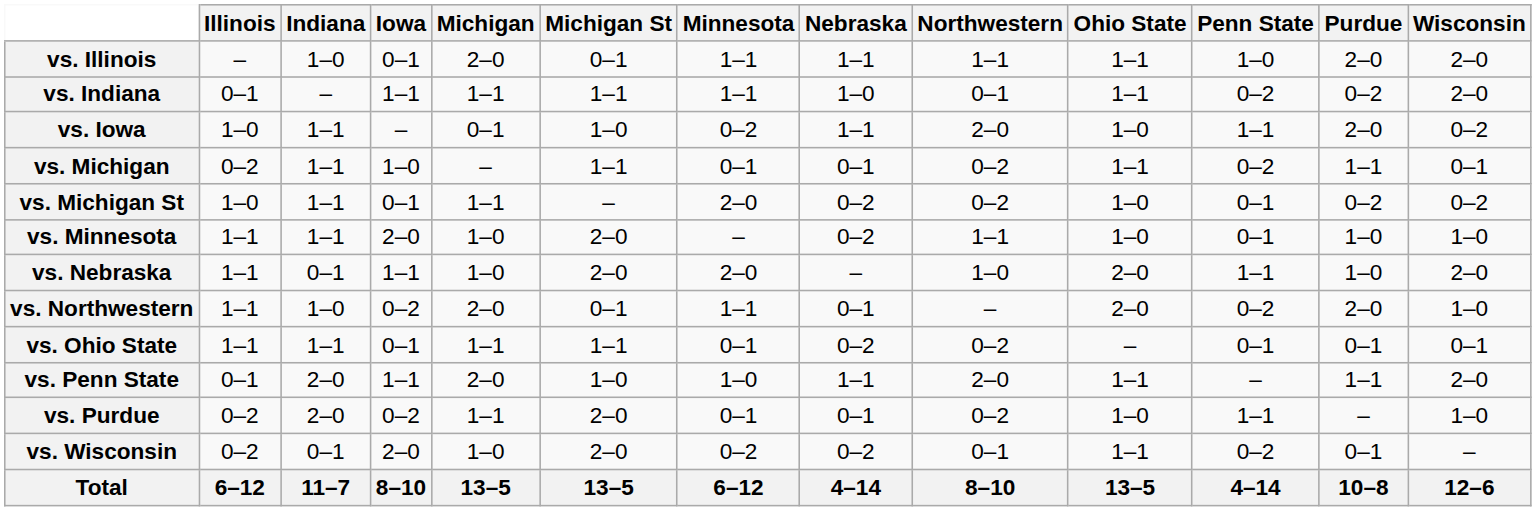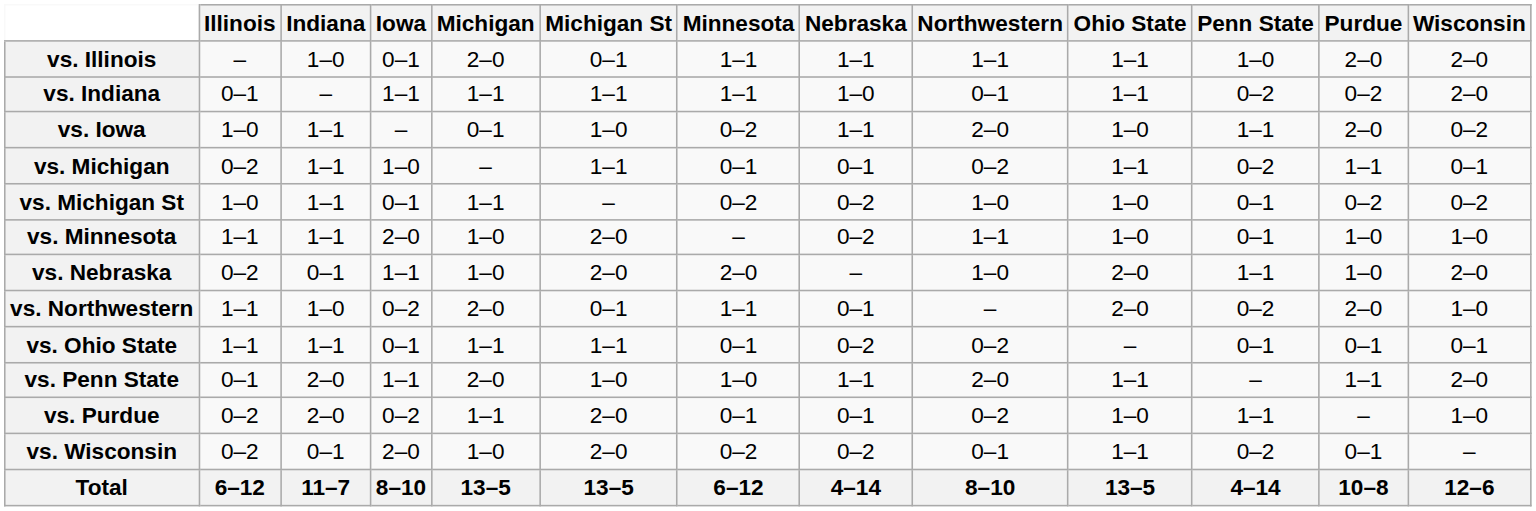 <table class="wikitable" style="white-space:nowrap;font-size:90%;">
 <tr>
 <th colspan=1 style="background:white; border-top-style:hidden; border-left-style:hidden;"   width=75></th>
 <th style="background:#">Illinois</th>
 <th style=>Indiana</th>
 <th style=>Iowa</th>
 <th style=>Michigan</th>
 <th style=>Michigan St</th>
 <th style=>Minnesota</th>
 <th style=>Nebraska</th>
 <th style=>Northwestern</th>
 <th style=>Ohio State</th>
 <th style=>Penn State</th>
 <th style=>Purdue</th>
 <th style=>Wisconsin</th>
 </tr>
 <tr style="text-align:center;">
 <th>vs. Illinois</th>
 <td>–</td>
 <td>1–0</td>
 <td>0–1</td>
 <td>2–0</td>
 <td>0–1</td>
 <td>1–1</td>
 <td>1–1</td>
 <td>1–1</td>
 <td>1–1</td>
 <td>1–0</td>
 <td>2–0</td>
 <td>2–0</td>
 </tr>
 <tr style="text-align:center;">
 <th>vs. Indiana</th>
 <td>0–1</td>
 <td>–</td>
 <td>1–1</td>
 <td>1–1</td>
 <td>1–1</td>
 <td>1–1</td>
 <td>1–0</td>
 <td>0–1</td>
 <td>1–1</td>
 <td>0–2</td>
 <td>0–2</td>
 <td>2–0</td>
 </tr>
 <tr style="text-align:center;">
 <th>vs. Iowa</th>
 <td>1–0</td>
 <td>1–1</td>
 <td>–</td>
 <td>0–1</td>
 <td>1–0</td>
 <td>0–2</td>
 <td>1–1</td>
 <td>2–0</td>
 <td>1–0</td>
 <td>1–1</td>
 <td>2–0</td>
 <td>0–2</td>
 </tr>
 <tr style="text-align:center;">
 <th>vs. Michigan</th>
 <td>0–2</td>
 <td>1–1</td>
 <td>1–0</td>
 <td>–</td>
 <td>1–1</td>
 <td>0–1</td>
 <td>0–1</td>
 <td>0–2</td>
 <td>1–1</td>
 <td>0–2</td>
 <td>1–1</td>
 <td>0–1</td>
 </tr>
 <tr style="text-align:center;">
 <th>vs. Michigan St</th>
 <td>1–0</td>
 <td>1–1</td>
 <td>0–1</td>
 <td>1–1</td>
 <td>–</td>
-<td>2–0</td>
 <td>0–2</td>
 <td>0–2</td>
+<td>1–0</td>
 <td>1–0</td>
 <td>0–1</td>
 <td>0–2</td>
 <td>0–2</td>
 </tr>
 <tr style="text-align:center;">
 <th>vs. Minnesota</th>
 <td>1–1</td>
 <td>1–1</td>
 <td>2–0</td>
 <td>1–0</td>
 <td>2–0</td>
 <td>–</td>
 <td>0–2</td>
 <td>1–1</td>
 <td>1–0</td>
 <td>0–1</td>
 <td>1–0</td>
 <td>1–0</td>
 </tr>
 <tr style="text-align:center;">
 <th>vs. Nebraska</th>
-<td>1–1</td>
+<td>0–2</td>
 <td>0–1</td>
 <td>1–1</td>
 <td>1–0</td>
 <td>2–0</td>
 <td>2–0</td>
 <td>–</td>
 <td>1–0</td>
 <td>2–0</td>
 <td>1–1</td>
 <td>1–0</td>
 <td>2–0</td>
 </tr>
 <tr style="text-align:center;">
 <th>vs. Northwestern</th>
 <td>1–1</td>
 <td>1–0</td>
 <td>0–2</td>
 <td>2–0</td>
 <td>0–1</td>
 <td>1–1</td>
 <td>0–1</td>
 <td>–</td>
 <td>2–0</td>
 <td>0–2</td>
 <td>2–0</td>
 <td>1–0</td>
 </tr>
 <tr style="text-align:center;">
 <th>vs. Ohio State</th>
 <td>1–1</td>
 <td>1–1</td>
 <td>0–1</td>
 <td>1–1</td>
 <td>1–1</td>
 <td>0–1</td>
 <td>0–2</td>
 <td>0–2</td>
 <td>–</td>
 <td>0–1</td>
 <td>0–1</td>
 <td>0–1</td>
 </tr>
 <tr style="text-align:center;">
 <th>vs. Penn State</th>
 <td>0–1</td>
 <td>2–0</td>
 <td>1–1</td>
 <td>2–0</td>
 <td>1–0</td>
 <td>1–0</td>
 <td>1–1</td>
 <td>2–0</td>
 <td>1–1</td>
 <td>–</td>
 <td>1–1</td>
 <td>2–0</td>
 </tr>
 <tr style="text-align:center;">
 <th>vs. Purdue</th>
 <td>0–2</td>
 <td>2–0</td>
 <td>0–2</td>
 <td>1–1</td>
 <td>2–0</td>
 <td>0–1</td>
 <td>0–1</td>
 <td>0–2</td>
 <td>1–0</td>
 <td>1–1</td>
 <td>–</td>
 <td>1–0</td>
 </tr>
 <tr style="text-align:center;">
 <th>vs. Wisconsin</th>
 <td>0–2</td>
 <td>0–1</td>
 <td>2–0</td>
 <td>1–0</td>
 <td>2–0</td>
 <td>0–2</td>
 <td>0–2</td>
 <td>0–1</td>
 <td>1–1</td>
 <td>0–2</td>
 <td>0–1</td>
 <td>–<br></td>
 </tr>
 <tr style="text-align:center;">
 <th>Total</th>
 <th>6–12</th>
 <th>11–7</th>
 <th>8–10</th>
 <th>13–5</th>
 <th>13–5</th>
 <th>6–12</th>
 <th>4–14</th>
 <th>8–10</th>
 <th>13–5</th>
 <th>4–14</th>
 <th>10–8</th>
 <th>12–6</th>
 </tr>
 </table>
